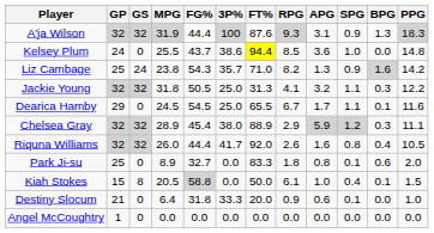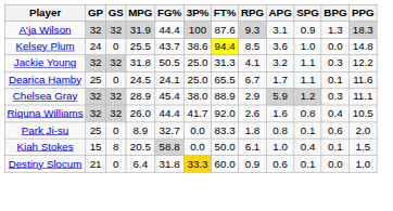 <table class="wikitable sortable" style="text-align:center;">
 <tr>
 <th>Player</th>
 <th>GP</th>
 <th>GS</th>
 <th>MPG</th>
 <th>FG%</th>
 <th>3P%</th>
 <th>FT%</th>
 <th>RPG</th>
 <th>APG</th>
 <th>SPG</th>
 <th>BPG</th>
 <th>PPG</th>
 </tr>
 <tr>
 <td><a href='#'>A'ja Wilson</a></td>
 <td style="background:#D3D3D3;">32</td>
 <td style="background:#D3D3D3;">32</td>
 <td style="background:#D3D3D3;">31.9</td>
 <td>44.4</td>
 <td style="background:#D3D3D3;">100</td>
 <td>87.6</td>
 <td style="background:#D3D3D3;">9.3</td>
 <td>3.1</td>
 <td>0.9</td>
 <td>1.3</td>
 <td style="background:#D3D3D3;">18.3</td>
 </tr>
 <tr>
 <td><a href='#'>Kelsey Plum</a></td>
 <td>24</td>
 <td>0</td>
 <td>25.5</td>
 <td>43.7</td>
 <td>38.6</td>
 <td style="background:yellow">94.4</td>
 <td>8.5</td>
 <td>3.6</td>
 <td>1.0</td>
 <td>0.0</td>
 <td>14.8</td>
 </tr>
 <tr>
-<td><a href='#'>Liz Cambage</a></td>
-<td>25</td>
-<td>24</td>
-<td>23.8</td>
-<td>54.3</td>
-<td>35.7</td>
-<td>71.0</td>
-<td>8.2</td>
-<td>1.3</td>
-<td>0.9</td>
-<td style="background:#D3D3D3;">1.6</td>
-<td>14.2</td>
-</tr>
-<tr>
 <td><a href='#'>Jackie Young</a></td>
 <td style="background:#D3D3D3;">32</td>
 <td style="background:#D3D3D3;">32</td>
 <td>31.8</td>
 <td>50.5</td>
 <td>25.0</td>
 <td>31.3</td>
 <td>4.1</td>
 <td>3.2</td>
 <td>1.1</td>
 <td>0.3</td>
 <td>12.2</td>
 </tr>
 <tr>
 <td><a href='#'>Dearica Hamby</a></td>
-<td>29</td>
+<td>25</td>
 <td>0</td>
 <td>24.5</td>
-<td>54.5</td>
+<td>24.1</td>
 <td>25.0</td>
 <td>65.5</td>
 <td>6.7</td>
 <td>1.7</td>
 <td>1.1</td>
 <td>0.1</td>
 <td>11.6</td>
 </tr>
 <tr>
 <td><a href='#'>Chelsea Gray</a></td>
 <td style="background:#D3D3D3;">32</td>
 <td style="background:#D3D3D3;">32</td>
 <td>28.9</td>
 <td>45.4</td>
 <td>38.0</td>
 <td>88.9</td>
 <td>2.9</td>
 <td style="background:#D3D3D3;">5.9</td>
 <td style="background:#D3D3D3;">1.2</td>
 <td>0.3</td>
 <td>11.1</td>
 </tr>
 <tr>
 <td><a href='#'>Riquna Williams</a></td>
 <td style="background:#D3D3D3;">32</td>
 <td style="background:#D3D3D3;">32</td>
 <td>26.0</td>
 <td>44.4</td>
 <td>41.7</td>
 <td>92.0</td>
 <td>2.6</td>
 <td>1.6</td>
 <td>0.8</td>
 <td>0.4</td>
 <td>10.5</td>
 </tr>
 <tr>
 <td><a href='#'>Park Ji-su</a></td>
 <td>25</td>
 <td>0</td>
 <td>8.9</td>
 <td>32.7</td>
 <td>0.0</td>
 <td>83.3</td>
 <td>1.8</td>
 <td>0.8</td>
 <td>0.1</td>
 <td>0.6</td>
 <td>2.0</td>
 </tr>
 <tr>
 <td><a href='#'>Kiah Stokes</a></td>
 <td>15</td>
 <td>8</td>
 <td>20.5</td>
 <td style="background:#D3D3D3;">58.8</td>
 <td>0.0</td>
 <td>50.0</td>
 <td>6.1</td>
 <td>1.0</td>
 <td>0.4</td>
 <td>0.1</td>
 <td>1.5</td>
 </tr>
 <tr>
 <td><a href='#'>Destiny Slocum</a></td>
 <td>21</td>
 <td>0</td>
 <td>6.4</td>
 <td>31.8</td>
-<td>33.3</td>
-<td>20.0</td>
+<td style="background: gold;">33.3</td>
+<td>60.0</td>
 <td>0.9</td>
 <td>0.6</td>
 <td>0.1</td>
 <td>0.0</td>
 <td>1.0</td>
 </tr>
-<tr>
-<td><a href='#'>Angel McCoughtry</a></td>
-<td>1</td>
-<td>0</td>
-<td>0.0</td>
-<td>0.0</td>
-<td>0.0</td>
-<td>0.0</td>
-<td>0.0</td>
-<td>0.0</td>
-<td>0.0</td>
-<td>0.0</td>
-<td>0.0</td>
-</tr>
 </table>
